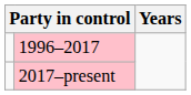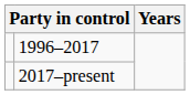 <table class="wikitable">
 <tr>
 <th colspan="2">Party in control</th>
 <th>Years</th>
 </tr>
 <tr>
 <td></td>
-<td style="background: pink;">1996–2017</td>
+<td>1996–2017</td>
 </tr>
 <tr>
 <td></td>
-<td style="background: pink;">2017–present</td>
+<td>2017–present</td>
 </tr>
 </table>
